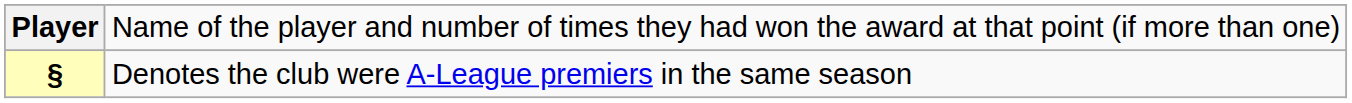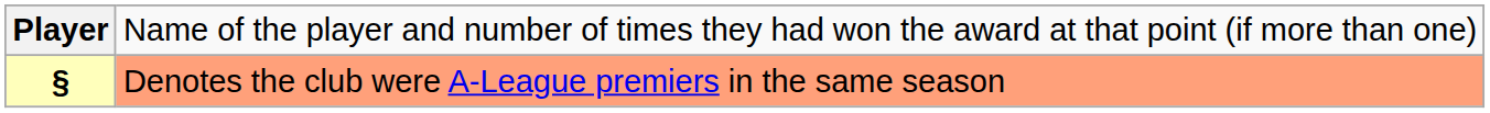 <table class="wikitable plainrowheaders">
 <tr>
 <th scope="row"><strong>Player </strong></th>
 <td>Name of the player and number of times they had won the award at that point (if more than one)</td>
 </tr>
 <tr>
 <th scope="row" style="text-align:center; background:#ffb">§</th>
-<td>Denotes the club were <a href='#'>A-League premiers</a> in the same season</td>
+<td style="background: lightsalmon;">Denotes the club were <a href='#'>A-League premiers</a> in the same season</td>
 </tr>
 </table>
